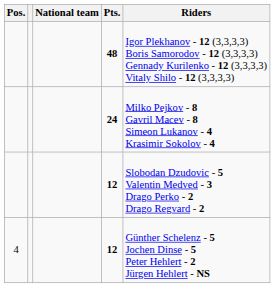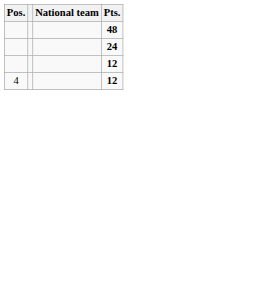 <table class=wikitable style="font-size:93%;">
 <tr>
 <th>Pos.</th>
 <th></th>
 <th>National team</th>
 <th>Pts.</th>
-<th>Riders</th>
 </tr>
 <tr align=center >
 <td></td>
 <td></td>
 <td align=left></td>
 <td><strong>48</strong></td>
-<td align=left><br><a href='#'>Igor Plekhanov</a> - <strong>12</strong> (3,3,3,3)<br> <a href='#'>Boris Samorodov</a> - <strong>12</strong> (3,3,3,3) <br> <a href='#'>Gennady Kurilenko</a> - <strong>12</strong> (3,3,3,3) <br> <a href='#'>Vitaly Shilo</a> - <strong>12</strong> (3,3,3,3) <br></td>
 </tr>
 <tr align=center >
 <td></td>
 <td></td>
 <td align=left></td>
 <td><strong>24</strong></td>
-<td align=left><br><a href='#'>Milko Pejkov</a> - <strong>8</strong> <br> <a href='#'>Gavril Macev</a> - <strong>8</strong> <br> <a href='#'>Simeon Lukanov</a> - <strong>4</strong> <br> <a href='#'>Krasimir Sokolov</a> - <strong>4</strong> <br></td>
 </tr>
 <tr align=center >
 <td></td>
 <td></td>
 <td align=left></td>
 <td><strong>12</strong></td>
-<td align=left><br><a href='#'>Slobodan Dzudovic</a> - <strong>5</strong> <br> <a href='#'>Valentin Medved</a> - <strong>3</strong> <br> <a href='#'>Drago Perko</a> - <strong>2</strong> <br> <a href='#'>Drago Regvard</a> - <strong>2</strong> <br></td>
 </tr>
 <tr align=center>
 <td>4</td>
 <td></td>
 <td align=left></td>
 <td><strong>12</strong></td>
-<td align=left><br><a href='#'>Günther Schelenz</a> - <strong>5</strong> <br> <a href='#'>Jochen Dinse</a> - <strong>5</strong> <br> <a href='#'>Peter Hehlert</a> - <strong>2</strong> <br> <a href='#'>Jürgen Hehlert</a> - <strong>NS</strong> <br></td>
 </tr>
 </table>
